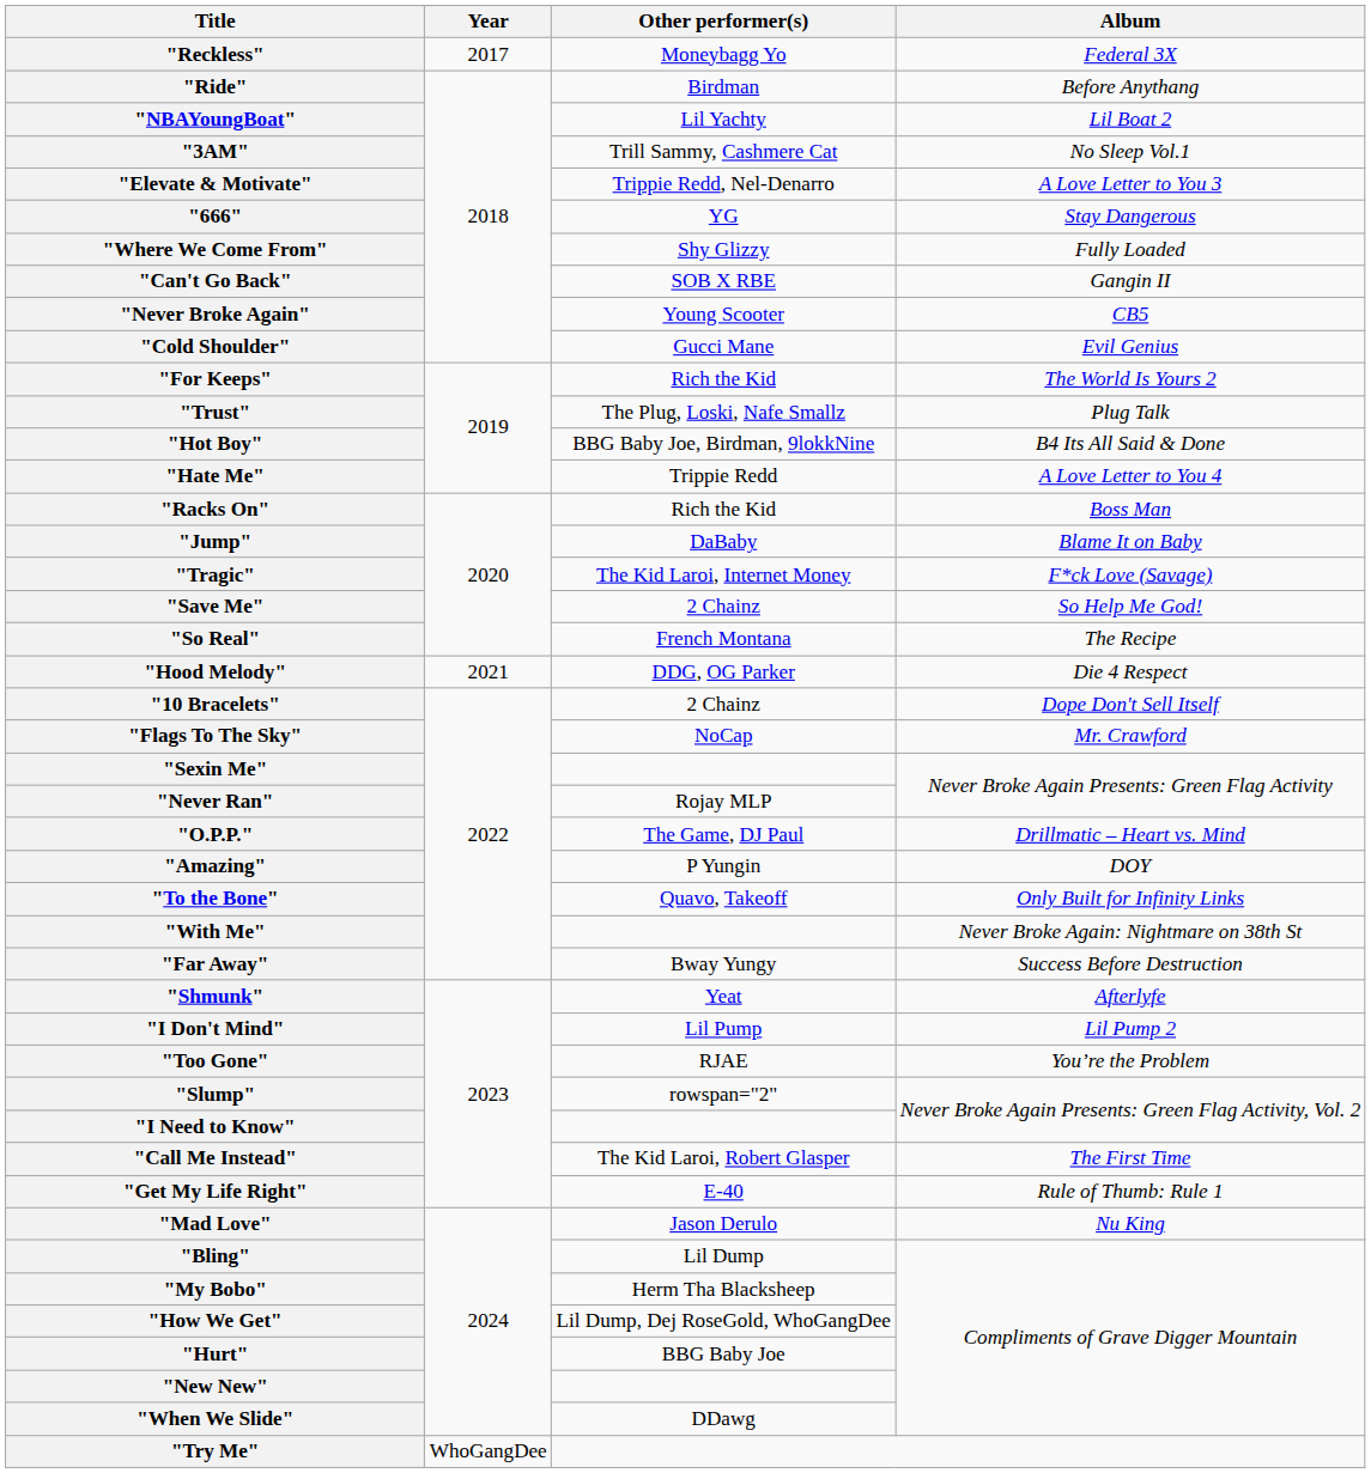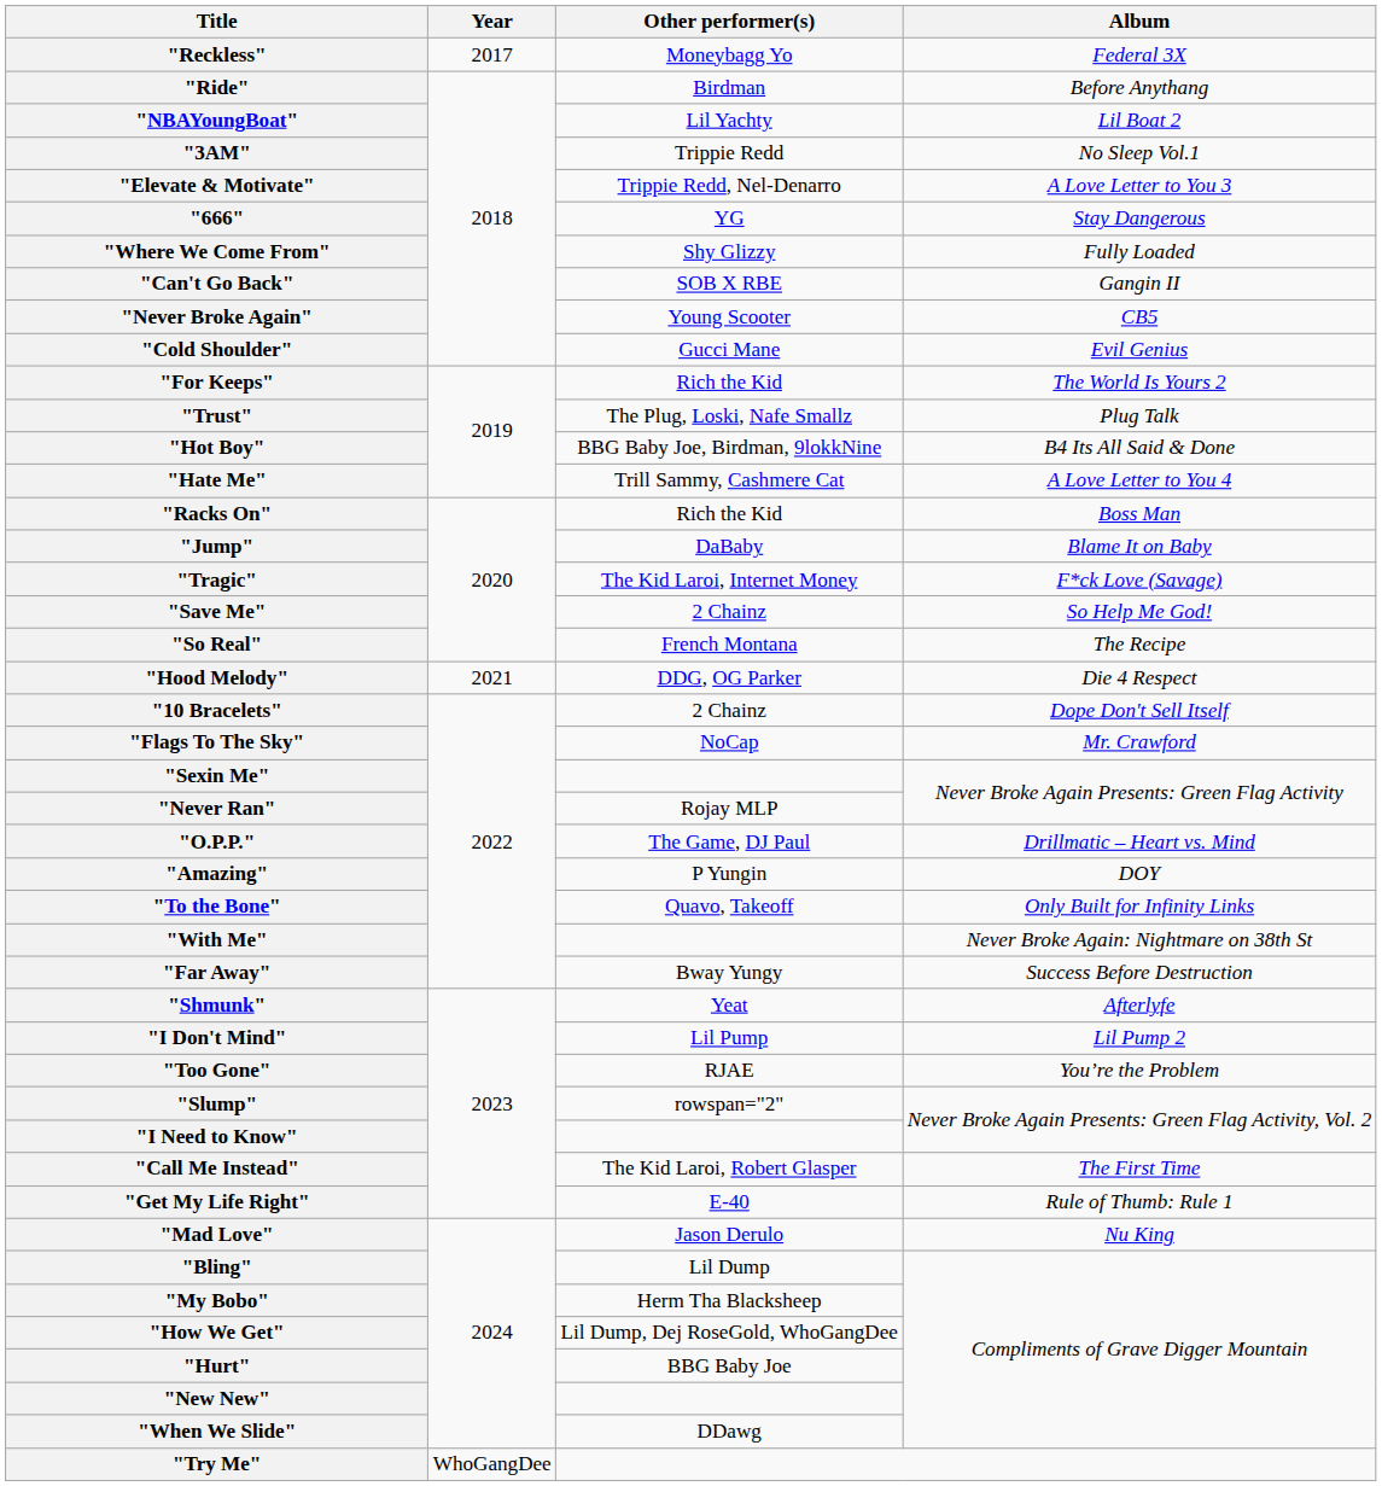 <table class="wikitable plainrowheaders" style="text-align:center;">
 <tr>
 <th scope="col" style="width:20em;">Title</th>
 <th scope="col">Year</th>
 <th scope="col">Other performer(s)</th>
 <th scope="col">Album</th>
 </tr>
 <tr>
 <th scope="row">"Reckless"</th>
 <td>2017</td>
 <td><a href='#'>Moneybagg Yo</a></td>
 <td><em><a href='#'>Federal 3X</a></em></td>
 </tr>
 <tr>
 <th scope="row">"Ride"</th>
 <td rowspan="9">2018</td>
 <td><a href='#'>Birdman</a></td>
 <td><em>Before Anythang</em></td>
 </tr>
 <tr>
 <th scope="row">"<a href='#'>NBAYoungBoat</a>"</th>
 <td><a href='#'>Lil Yachty</a></td>
 <td><em><a href='#'>Lil Boat 2</a></em></td>
 </tr>
 <tr>
 <th scope="row">"3AM"</th>
-<td>Trill Sammy, <a href='#'>Cashmere Cat</a></td>
+<td>Trippie Redd</td>
 <td><em>No Sleep Vol.1</em></td>
 </tr>
 <tr>
 <th scope="row">"Elevate & Motivate"</th>
 <td><a href='#'>Trippie Redd</a>, Nel-Denarro</td>
 <td><em><a href='#'>A Love Letter to You 3</a></em></td>
 </tr>
 <tr>
 <th scope="row">"666"</th>
 <td><a href='#'>YG</a></td>
 <td><em><a href='#'>Stay Dangerous</a></em></td>
 </tr>
 <tr>
 <th scope="row">"Where We Come From"</th>
 <td><a href='#'>Shy Glizzy</a></td>
 <td><em>Fully Loaded</em></td>
 </tr>
 <tr>
 <th scope="row">"Can't Go Back"</th>
 <td><a href='#'>SOB X RBE</a></td>
 <td><em>Gangin II</em></td>
 </tr>
 <tr>
 <th scope="row">"Never Broke Again"</th>
 <td><a href='#'>Young Scooter</a></td>
 <td><em><a href='#'>CB5</a></em></td>
 </tr>
 <tr>
 <th scope="row">"Cold Shoulder"</th>
 <td><a href='#'>Gucci Mane</a></td>
 <td><em><a href='#'>Evil Genius</a></em></td>
 </tr>
 <tr>
 <th scope="row">"For Keeps"</th>
 <td rowspan="4">2019</td>
 <td><a href='#'>Rich the Kid</a></td>
 <td><em><a href='#'>The World Is Yours 2</a></em></td>
 </tr>
 <tr>
 <th scope="row">"Trust"</th>
 <td>The Plug, <a href='#'>Loski</a>, <a href='#'>Nafe Smallz</a></td>
 <td><em>Plug Talk</em></td>
 </tr>
 <tr>
 <th scope="row">"Hot Boy"</th>
 <td>BBG Baby Joe, Birdman, <a href='#'>9lokkNine</a></td>
 <td><em>B4 Its All Said & Done</em></td>
 </tr>
 <tr>
 <th scope="row">"Hate Me"</th>
-<td>Trippie Redd</td>
+<td>Trill Sammy, <a href='#'>Cashmere Cat</a></td>
 <td><em><a href='#'>A Love Letter to You 4</a></em></td>
 </tr>
 <tr>
 <th scope="row">"Racks On"</th>
 <td rowspan="5">2020</td>
 <td>Rich the Kid</td>
 <td><em><a href='#'>Boss Man</a></em></td>
 </tr>
 <tr>
 <th scope="row">"Jump"</th>
 <td><a href='#'>DaBaby</a></td>
 <td><em><a href='#'>Blame It on Baby</a></em></td>
 </tr>
 <tr>
 <th scope="row">"Tragic"</th>
 <td><a href='#'>The Kid Laroi</a>, <a href='#'>Internet Money</a></td>
 <td><em><a href='#'>F*ck Love (Savage)</a></em></td>
 </tr>
 <tr>
 <th scope="row">"Save Me"</th>
 <td><a href='#'>2 Chainz</a></td>
 <td><em><a href='#'>So Help Me God!</a></em></td>
 </tr>
 <tr>
 <th scope="row">"So Real"</th>
 <td><a href='#'>French Montana</a></td>
 <td><em>The Recipe</em></td>
 </tr>
 <tr>
 <th scope="row">"Hood Melody"</th>
 <td>2021</td>
 <td><a href='#'>DDG</a>, <a href='#'>OG Parker</a></td>
 <td><em>Die 4 Respect</em></td>
 </tr>
 <tr>
 <th scope="row">"10 Bracelets"</th>
 <td rowspan="9">2022</td>
 <td>2 Chainz</td>
 <td><em><a href='#'>Dope Don't Sell Itself</a></em></td>
 </tr>
 <tr>
 <th scope="row">"Flags To The Sky"</th>
 <td><a href='#'>NoCap</a></td>
 <td><em><a href='#'>Mr. Crawford</a></em></td>
 </tr>
 <tr>
 <th scope="row">"Sexin Me"</th>
 <td></td>
 <td rowspan="2"><em>Never Broke Again Presents: Green Flag Activity</em></td>
 </tr>
 <tr>
 <th scope="row">"Never Ran"</th>
 <td>Rojay MLP</td>
 </tr>
 <tr>
 <th scope="row">"O.P.P."</th>
 <td><a href='#'>The Game</a>, <a href='#'>DJ Paul</a></td>
 <td><em><a href='#'>Drillmatic – Heart vs. Mind</a></em></td>
 </tr>
 <tr>
 <th scope="row">"Amazing"</th>
 <td>P Yungin</td>
 <td><em>DOY</em></td>
 </tr>
 <tr>
 <th scope="row">"<a href='#'>To the Bone</a>"</th>
 <td><a href='#'>Quavo</a>, <a href='#'>Takeoff</a></td>
 <td><em><a href='#'>Only Built for Infinity Links</a></em></td>
 </tr>
 <tr>
 <th scope="row">"With Me"</th>
 <td></td>
 <td><em>Never Broke Again: Nightmare on 38th St</em></td>
 </tr>
 <tr>
 <th scope="row">"Far Away"</th>
 <td>Bway Yungy</td>
 <td><em>Success Before Destruction</em></td>
 </tr>
 <tr>
 <th scope="row">"<a href='#'>Shmunk</a>"</th>
 <td rowspan="7">2023</td>
 <td><a href='#'>Yeat</a></td>
 <td><em><a href='#'>Afterlyfe</a></em></td>
 </tr>
 <tr>
 <th scope="row">"I Don't Mind"</th>
 <td><a href='#'>Lil Pump</a></td>
 <td><em><a href='#'>Lil Pump 2</a></em></td>
 </tr>
 <tr>
 <th scope="row">"Too Gone"</th>
 <td>RJAE</td>
 <td><em>You’re the Problem</em></td>
 </tr>
 <tr>
 <th scope="row">"Slump"</th>
 <td>rowspan="2" </td>
 <td rowspan="2"><em>Never Broke Again Presents: Green Flag Activity, Vol. 2</em></td>
 </tr>
 <tr>
 <th scope="row">"I Need to Know"</th>
 </tr>
 <tr>
 <th scope="row">"Call Me Instead"</th>
 <td>The Kid Laroi, <a href='#'>Robert Glasper</a></td>
 <td><em><a href='#'>The First Time</a></em></td>
 </tr>
 <tr>
 <th scope="row">"Get My Life Right"</th>
 <td><a href='#'>E-40</a></td>
 <td><em>Rule of Thumb: Rule 1</em></td>
 </tr>
 <tr>
 <th scope="row">"Mad Love"</th>
 <td rowspan="7">2024</td>
 <td><a href='#'>Jason Derulo</a></td>
 <td><em><a href='#'>Nu King</a></em></td>
 </tr>
 <tr>
 <th scope="row">"Bling"</th>
 <td>Lil Dump</td>
 <td rowspan="6"><em>Compliments of Grave Digger Mountain</em></td>
 </tr>
 <tr>
 <th scope="row">"My Bobo"</th>
 <td>Herm Tha Blacksheep</td>
 </tr>
 <tr>
 <th scope="row">"How We Get"</th>
 <td>Lil Dump, Dej RoseGold, WhoGangDee</td>
 </tr>
 <tr>
 <th scope="row">"Hurt"</th>
 <td>BBG Baby Joe</td>
 </tr>
 <tr>
 <th scope="row">"New New"</th>
 <td></td>
 </tr>
 <tr>
 <th scope="row">"When We Slide"</th>
 <td>DDawg</td>
 </tr>
 <tr>
 <th scope="row">"Try Me"</th>
 <td>WhoGangDee</td>
 </tr>
 </table>
